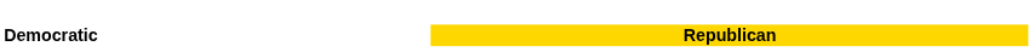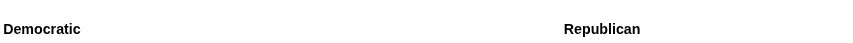 <table style="width:60%; text-align:center">
 <tr style="color:white">
 <td style="background:"><strong>207</strong></td>
 <td style="background:">3</td>
 <td style="background:"><strong>225</strong></td>
 </tr>
 <tr>
 <td><span><strong>Democratic</strong></span></td>
 <td></td>
-<td style="background: gold;"><span><strong>Republican</strong></span></td>
+<td><span><strong>Republican</strong></span></td>
 </tr>
 </table>
